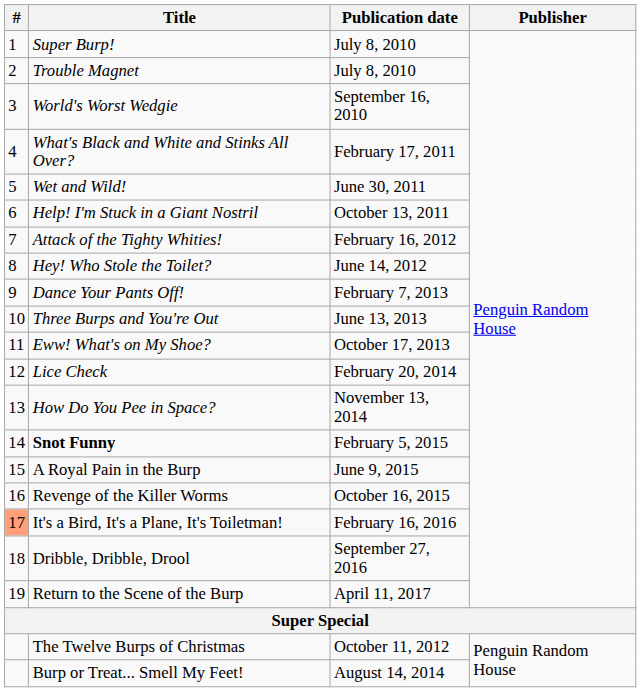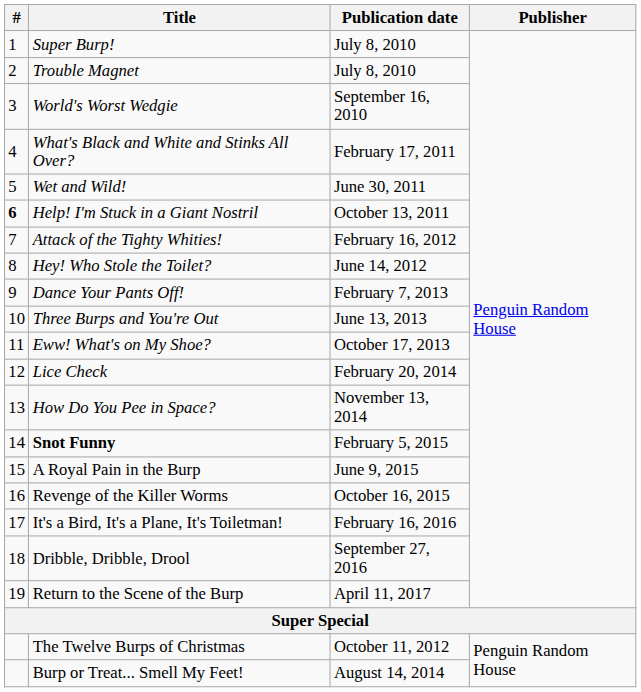 <table class="wikitable sortable">
 <tr>
 <th>#</th>
 <th>Title</th>
 <th>Publication date</th>
 <th>Publisher</th>
 </tr>
 <tr>
 <td>1</td>
 <td><em>Super Burp!</em></td>
 <td>July 8, 2010</td>
 <td rowspan="19"><a href='#'>Penguin Random House</a></td>
 </tr>
 <tr>
 <td>2</td>
 <td><em>Trouble Magnet</em></td>
 <td>July 8, 2010</td>
 </tr>
 <tr>
 <td>3</td>
 <td><em>World's Worst Wedgie</em></td>
 <td>September 16, 2010</td>
 </tr>
 <tr>
 <td>4</td>
 <td><em>What's Black and White and Stinks All Over?</em></td>
 <td>February 17, 2011</td>
 </tr>
 <tr>
 <td>5</td>
 <td><em>Wet and Wild!</em></td>
 <td>June 30, 2011</td>
 </tr>
 <tr>
-<td>6</td>
+<td><strong>6</strong></td>
 <td><em>Help! I'm Stuck in a Giant Nostril</em></td>
 <td>October 13, 2011</td>
 </tr>
 <tr>
 <td>7</td>
 <td><em>Attack of the Tighty Whities!</em></td>
 <td>February 16, 2012</td>
 </tr>
 <tr>
 <td>8</td>
 <td><em>Hey! Who Stole the Toilet?</em></td>
 <td>June 14, 2012</td>
 </tr>
 <tr>
 <td>9</td>
 <td><em>Dance Your Pants Off!</em></td>
 <td>February 7, 2013</td>
 </tr>
 <tr>
 <td>10</td>
 <td><em>Three Burps and You're Out</em></td>
 <td>June 13, 2013</td>
 </tr>
 <tr>
 <td>11</td>
 <td><em>Eww! What's on My Shoe?</em></td>
 <td>October 17, 2013</td>
 </tr>
 <tr>
 <td>12</td>
 <td><em>Lice Check</em></td>
 <td>February 20, 2014</td>
 </tr>
 <tr>
 <td>13</td>
 <td><em>How Do You Pee in Space?</em></td>
 <td>November 13, 2014</td>
 </tr>
 <tr>
 <td>14</td>
 <td><strong>Snot Funny<em></td>
 <td>February 5, 2015</td>
 </tr>
 <tr>
 <td>15</td>
 <td></em>A Royal Pain in the Burp<em></td>
 <td>June 9, 2015</td>
 </tr>
 <tr>
 <td>16</td>
 <td></em>Revenge of the Killer Worms<em></td>
 <td>October 16, 2015</td>
 </tr>
 <tr>
-<td style="background: lightsalmon;">17</td>
+<td>17</td>
 <td></em>It's a Bird, It's a Plane, It's Toiletman!<em></td>
 <td>February 16, 2016</td>
 </tr>
 <tr>
 <td>18</td>
 <td></em>Dribble, Dribble, Drool<em></td>
 <td>September 27, 2016</td>
 </tr>
 <tr>
 <td>19</td>
 <td></em>Return to the Scene of the Burp<em></td>
 <td>April 11, 2017</td>
 </tr>
 <tr>
 <th colspan="4">Super Special</th>
 </tr>
 <tr>
 <td></td>
 <td></em>The Twelve Burps of Christmas<em></td>
 <td>October 11, 2012</td>
 <td rowspan="2">Penguin Random House</td>
 </tr>
 <tr>
 <td></td>
 <td></em>Burp or Treat... Smell My Feet!<em></td>
 <td>August 14, 2014</td>
 </tr>
 </table>
